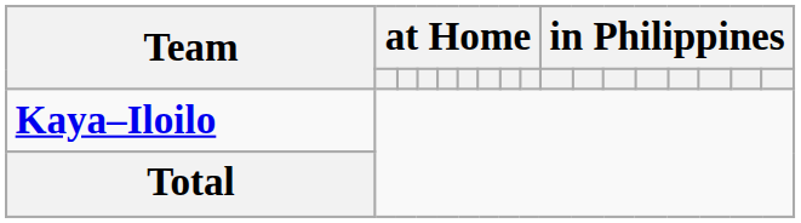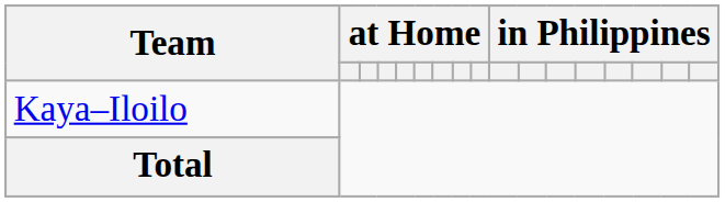 <table class="wikitable plainrowheaders sortable">
 <tr>
 <th width=140px rowspan=2>Team</th>
 <th colspan=8>at Home</th>
 <th colspan=8>in Philippines</th>
 </tr>
 <tr>
 <th></th>
 <th></th>
 <th></th>
 <th></th>
 <th></th>
 <th></th>
 <th></th>
 <th></th>
 <th></th>
 <th></th>
 <th></th>
 <th></th>
 <th></th>
 <th></th>
 <th></th>
 <th></th>
 </tr>
 <tr>
-<td><strong><a href='#'>Kaya–Iloilo</a><br> </strong></td>
+<td><a href='#'>Kaya–Iloilo</a><br> </td>
 </tr>
 <tr class="sortbottom">
 <th>Total<br> </th>
 </tr>
 </table>
